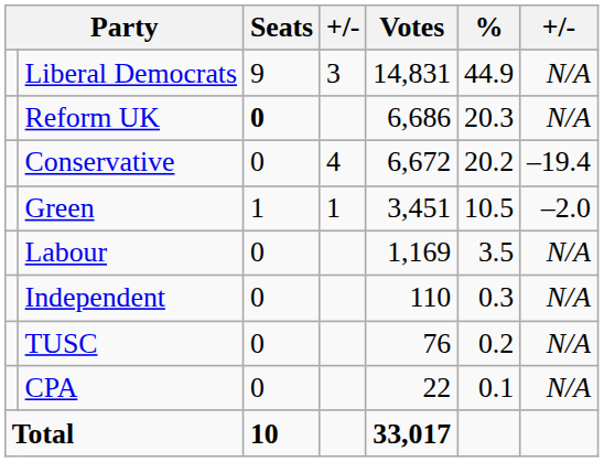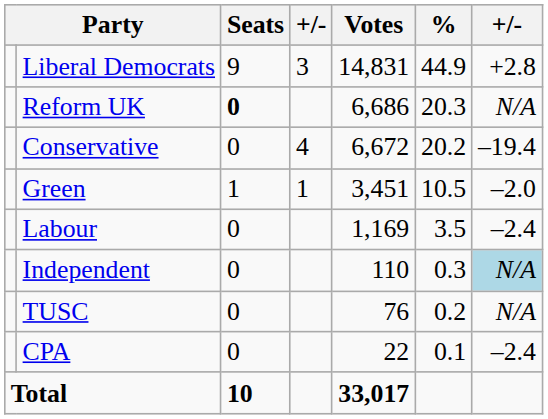 <table class="wikitable sortable">
 <tr>
 <th colspan="2">Party</th>
 <th>Seats</th>
 <th>+/-</th>
 <th>Votes</th>
 <th>%</th>
 <th>+/-</th>
 </tr>
 <tr>
 <td style="background-color: "></td>
 <td><a href='#'>Liberal Democrats</a></td>
 <td>9</td>
 <td> 3</td>
 <td style="text-align:right;">14,831</td>
 <td style="text-align:right;">44.9</td>
-<td style="text-align:right;"><em>N/A</em></td>
+<td style="text-align:right;">+2.8</td>
 </tr>
 <tr>
 <td style="background-color: "></td>
 <td><a href='#'>Reform UK</a></td>
 <td><strong>0</strong></td>
 <td></td>
 <td style="text-align:right;">6,686</td>
 <td style="text-align:right;">20.3</td>
 <td style="text-align:right;"><em>N/A</em></td>
 </tr>
 <tr>
 <td style="background-color: "></td>
 <td><a href='#'>Conservative</a></td>
 <td>0</td>
 <td> 4</td>
 <td style="text-align:right;">6,672</td>
 <td style="text-align:right;">20.2</td>
 <td style="text-align:right;">–19.4</td>
 </tr>
 <tr>
 <td style="background-color: "></td>
 <td><a href='#'>Green</a></td>
 <td>1</td>
 <td> 1</td>
 <td style="text-align:right;">3,451</td>
 <td style="text-align:right;">10.5</td>
 <td style="text-align:right;">–2.0</td>
 </tr>
 <tr>
 <td style="background-color: "></td>
 <td><a href='#'>Labour</a></td>
 <td>0</td>
 <td></td>
 <td style="text-align:right;">1,169</td>
 <td style="text-align:right;">3.5</td>
-<td style="text-align:right;"><em>N/A</em></td>
+<td style="text-align:right;">–2.4</td>
 </tr>
 <tr>
 <td style="background-color: "></td>
 <td><a href='#'>Independent</a></td>
 <td>0</td>
 <td></td>
 <td style="text-align:right;">110</td>
 <td style="text-align:right;">0.3</td>
-<td style="text-align:right;"><em>N/A</em></td>
+<td style="background: lightblue; text-align:right;"><em>N/A</em></td>
 </tr>
 <tr>
 <td style="background-color: "></td>
 <td><a href='#'>TUSC</a></td>
 <td>0</td>
 <td></td>
 <td style="text-align:right;">76</td>
 <td style="text-align:right;">0.2</td>
 <td style="text-align:right;"><em>N/A</em></td>
 </tr>
 <tr>
 <td style="background-color: "></td>
 <td><a href='#'>CPA</a></td>
 <td>0</td>
 <td></td>
 <td style="text-align:right;">22</td>
 <td style="text-align:right;">0.1</td>
-<td style="text-align:right;"><em>N/A</em></td>
+<td style="text-align:right;">–2.4</td>
 </tr>
 <tr>
 <td colspan="2"><strong>Total</strong></td>
 <td><strong>10</strong></td>
 <td></td>
 <td style="text-align:right;"><strong>33,017</strong></td>
 <td style="text-align:right;"></td>
 <td style="text-align:right;"></td>
 </tr>
 </table>
